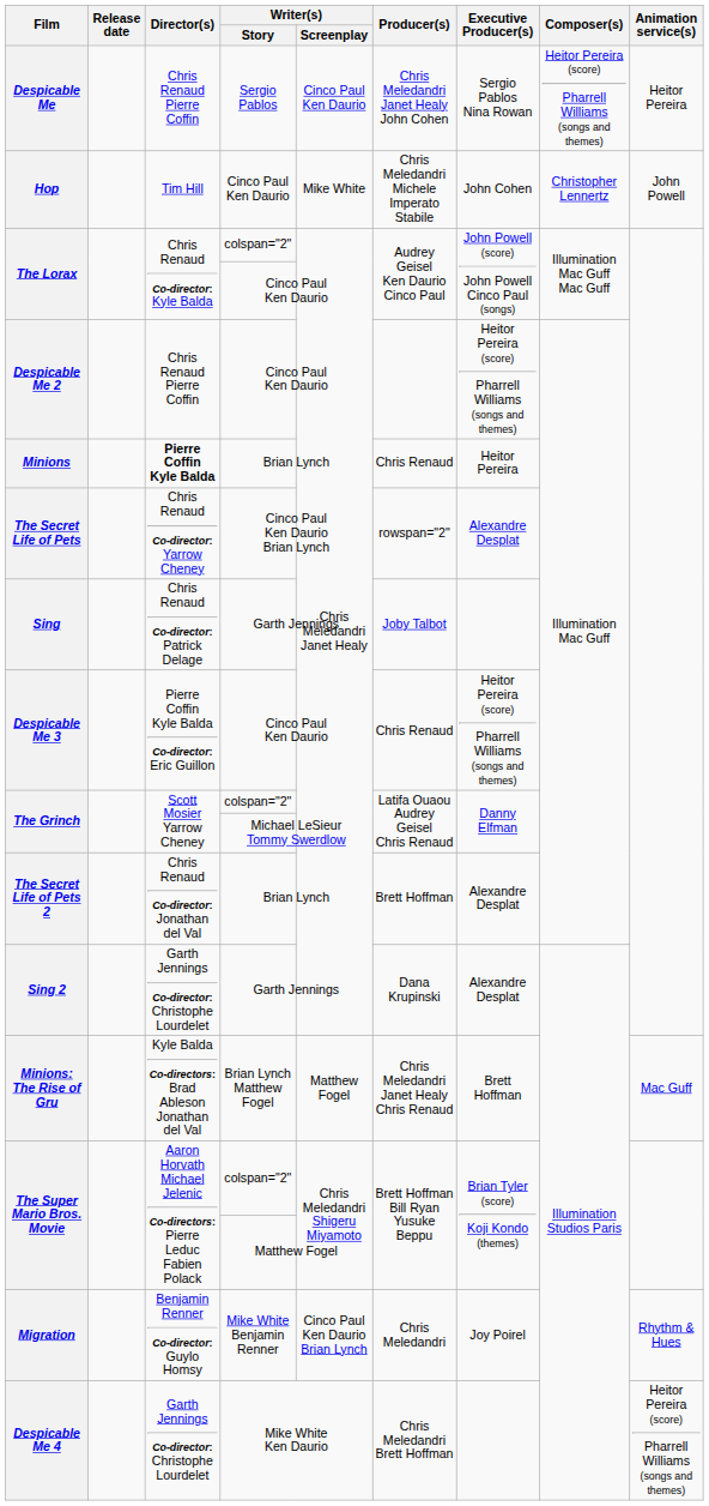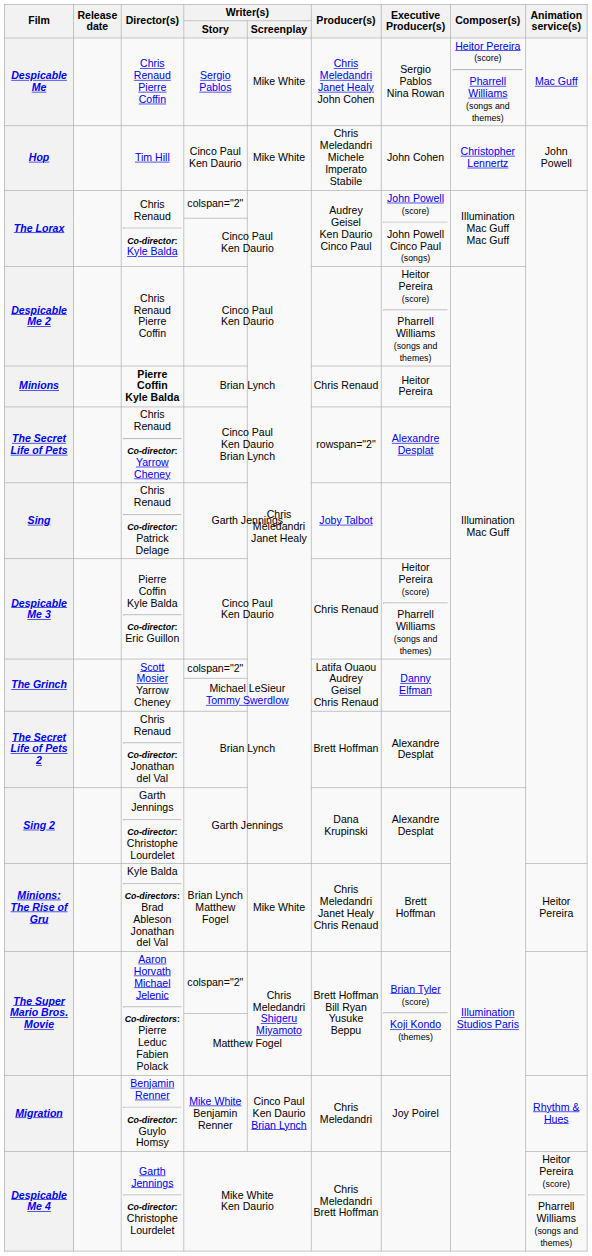 <table class="wikitable plainrowheaders sortable" style="text-align:center; margin=auto; width:100%;">
 <tr>
 <th rowspan="2" scope="col">Film</th>
 <th rowspan="2" scope="col" class="unsortable">Release date</th>
 <th rowspan="2" scope="col">Director(s)</th>
 <th colspan="2" scope="col">Writer(s)</th>
 <th rowspan="2" scope="col">Producer(s)</th>
 <th rowspan="2" scope="col">Executive Producer(s)</th>
 <th rowspan="2" scope="col">Composer(s)</th>
 <th rowspan="2" scope="col">Animation service(s)</th>
 </tr>
 <tr>
 <th>Story</th>
 <th>Screenplay</th>
 </tr>
 <tr>
 <th scope="row"><em><a href='#'>Despicable Me</a></em></th>
 <td></td>
 <td><a href='#'>Chris Renaud</a><br><a href='#'>Pierre Coffin</a></td>
 <td><a href='#'>Sergio Pablos</a></td>
-<td><a href='#'>Cinco Paul<br>Ken Daurio</a></td>
+<td>Mike White</td>
 <td><a href='#'>Chris Meledandri</a><br><a href='#'>Janet Healy</a><br>John Cohen</td>
 <td>Sergio Pablos<br>Nina Rowan</td>
 <td><a href='#'>Heitor Pereira</a><br><small>(score)</small><hr><a href='#'>Pharrell Williams</a><br><small>(songs and themes)</small></td>
-<td>Heitor Pereira</td>
+<td><a href='#'>Mac Guff</a></td>
 </tr>
 <tr>
 <th scope="row"><em><a href='#'>Hop</a></em></th>
 <td></td>
 <td><a href='#'>Tim Hill</a></td>
 <td>Cinco Paul<br>Ken Daurio</td>
 <td>Mike White</td>
 <td>Chris Meledandri<br>Michele Imperato Stabile</td>
 <td>John Cohen</td>
 <td><a href='#'>Christopher Lennertz</a></td>
 <td>John Powell</td>
 </tr>
 <tr>
 <th rowspan="2" scope="row"><em><a href='#'>The Lorax</a></em></th>
 <td rowspan="2"></td>
 <td rowspan="2">Chris Renaud<hr><strong><small><em>Co-director</em>:</small></strong><br><a href='#'>Kyle Balda</a></td>
 <td>colspan="2" </td>
 <td rowspan="11">Chris Meledandri<br>Janet Healy</td>
 <td rowspan="2">Audrey Geisel<br>Ken Daurio<br>Cinco Paul</td>
 <td rowspan="2"><a href='#'>John Powell</a><br><small>(score)</small><hr>John Powell<br>Cinco Paul<br><small>(songs)</small></td>
 <td rowspan="2">Illumination Mac Guff<br>Mac Guff</td>
 </tr>
 <tr>
 <td colspan="2">Cinco Paul<br>Ken Daurio</td>
 </tr>
 <tr>
 <th scope="row"><em><a href='#'>Despicable Me 2</a></em></th>
 <td></td>
 <td>Chris Renaud<br>Pierre Coffin</td>
 <td colspan="2">Cinco Paul<br>Ken Daurio</td>
 <td></td>
 <td>Heitor Pereira<br><small>(score)</small><hr>Pharrell Williams<br><small>(songs and themes)</small></td>
 <td rowspan="8">Illumination Mac Guff</td>
 </tr>
 <tr>
 <th scope="row"><em><a href='#'>Minions</a></em></th>
 <td></td>
 <td><strong>Pierre Coffin<br>Kyle Balda</strong></td>
 <td colspan="2">Brian Lynch</td>
 <td>Chris Renaud</td>
 <td>Heitor Pereira</td>
 </tr>
 <tr>
 <th scope="row"><em><a href='#'>The Secret Life of Pets</a></em></th>
 <td></td>
 <td>Chris Renaud<hr><strong><small><em>Co-director</em>:</small></strong><br><a href='#'>Yarrow Cheney</a></td>
 <td colspan="2">Cinco Paul<br>Ken Daurio<br>Brian Lynch</td>
 <td>rowspan="2" </td>
 <td><a href='#'>Alexandre Desplat</a></td>
 </tr>
 <tr>
 <th scope="row"><em><a href='#'>Sing</a></em></th>
 <td></td>
 <td>Chris Renaud<hr><strong><small><em>Co-director</em>:</small></strong><br>Patrick Delage</td>
 <td colspan="2">Garth Jennings</td>
 <td><a href='#'>Joby Talbot</a></td>
 </tr>
 <tr>
 <th scope="row"><em><a href='#'>Despicable Me 3</a></em></th>
 <td></td>
 <td>Pierre Coffin<br>Kyle Balda<hr><strong><small><em>Co-director</em>:</small></strong><br>Eric Guillon</td>
 <td colspan="2">Cinco Paul<br>Ken Daurio</td>
 <td>Chris Renaud</td>
 <td>Heitor Pereira<br><small>(score)</small><hr>Pharrell Williams<br><small>(songs and themes)</small></td>
 </tr>
 <tr>
 <th rowspan="2" scope="row"><em><a href='#'>The Grinch</a></em></th>
 <td rowspan="2"></td>
 <td rowspan="2"><a href='#'>Scott Mosier</a><br>Yarrow Cheney</td>
 <td>colspan="2" </td>
 <td rowspan="2">Latifa Ouaou<br>Audrey Geisel<br>Chris Renaud</td>
 <td rowspan="2"><a href='#'>Danny Elfman</a></td>
 </tr>
 <tr>
 <td colspan="2">Michael LeSieur<br><a href='#'>Tommy Swerdlow</a></td>
 </tr>
 <tr>
 <th scope="row"><em><a href='#'>The Secret Life of Pets 2</a></em></th>
 <td></td>
 <td>Chris Renaud<hr><strong><small><em>Co-director</em>:</small></strong><br>Jonathan del Val</td>
 <td colspan="2">Brian Lynch</td>
 <td>Brett Hoffman</td>
 <td>Alexandre Desplat</td>
 </tr>
 <tr>
 <th scope="row"><em><a href='#'>Sing 2</a></em></th>
 <td></td>
 <td>Garth Jennings<hr><strong><small><em>Co-director</em>:</small></strong><br>Christophe Lourdelet</td>
 <td colspan="2">Garth Jennings</td>
 <td>Dana Krupinski</td>
 <td>Alexandre Desplat</td>
 <td rowspan="6"><a href='#'>Illumination Studios Paris</a></td>
 </tr>
 <tr>
 <th scope="row"><em><a href='#'>Minions: The Rise of Gru</a></em></th>
 <td></td>
 <td>Kyle Balda<hr><strong><small><em>Co-directors</em>:</small></strong><br>Brad Ableson<br>Jonathan del Val</td>
 <td>Brian Lynch<br>Matthew Fogel</td>
-<td>Matthew Fogel</td>
+<td>Mike White</td>
 <td>Chris Meledandri<br>Janet Healy<br>Chris Renaud</td>
 <td>Brett Hoffman</td>
-<td><a href='#'>Mac Guff</a></td>
+<td>Heitor Pereira</td>
 </tr>
 <tr>
 <th rowspan="2" scope="row"><em><a href='#'>The Super Mario Bros. Movie</a></em></th>
 <td rowspan="2"></td>
 <td rowspan="2"><a href='#'>Aaron Horvath</a><br><a href='#'>Michael Jelenic</a><hr><strong><small><em>Co-directors</em>:</small></strong><br>Pierre Leduc<br>Fabien Polack</td>
 <td>colspan="2" </td>
 <td rowspan="2">Chris Meledandri<br><a href='#'>Shigeru Miyamoto</a></td>
 <td rowspan="2">Brett Hoffman<br>Bill Ryan<br>Yusuke Beppu</td>
 <td rowspan="2"><a href='#'>Brian Tyler</a><br><small>(score)</small><hr><a href='#'>Koji Kondo</a><br><small>(themes)</small></td>
 </tr>
 <tr>
 <td colspan="2">Matthew Fogel</td>
 </tr>
 <tr>
 <th scope="row"><em><a href='#'>Migration</a></em></th>
 <td></td>
 <td><a href='#'>Benjamin Renner</a><hr><strong><small><em>Co-director</em>:</small></strong><br>Guylo Homsy</td>
 <td><a href='#'>Mike White</a><br>Benjamin Renner</td>
 <td>Cinco Paul<br>Ken Daurio<br><a href='#'>Brian Lynch</a></td>
 <td>Chris Meledandri</td>
 <td>Joy Poirel</td>
 <td><a href='#'>Rhythm & Hues</a></td>
 </tr>
 <tr>
 <th scope="row"><em><a href='#'>Despicable Me 4</a></em></th>
 <td></td>
 <td><a href='#'>Garth Jennings</a><hr><strong><small><em>Co-director</em>:</small></strong><br>Christophe Lourdelet</td>
 <td colspan="2">Mike White<br>Ken Daurio</td>
 <td>Chris Meledandri<br>Brett Hoffman</td>
 <td></td>
 <td>Heitor Pereira<br><small>(score)</small><hr>Pharrell Williams<br><small>(songs and themes)</small></td>
 </tr>
 </table>
